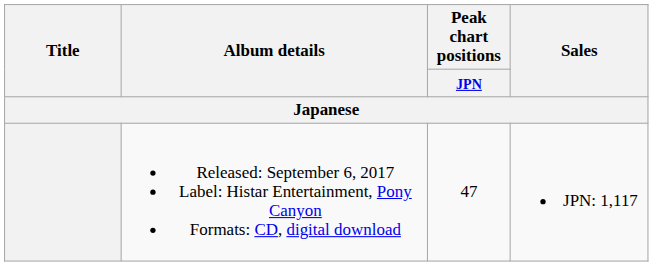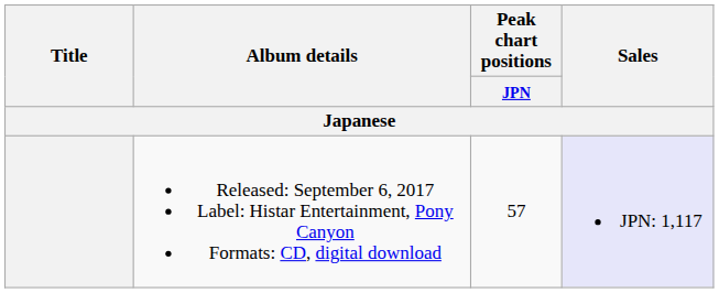 <table class="wikitable plainrowheaders" style="text-align:center;">
 <tr>
 <th scope="col" rowspan="2" style="width:10em;">Title</th>
 <th scope="col" rowspan="2" style="width:25em;">Album details</th>
 <th scope="col" colspan="1" style="width:5em;">Peak chart positions</th>
 <th scope="col" rowspan="2" style="width:10em;">Sales</th>
 </tr>
 <tr>
 <th><small><a href='#'>JPN</a></small><br></th>
 </tr>
 <tr>
 <th scope="col" colspan="5">Japanese</th>
 </tr>
 <tr>
 <th scope="row"></th>
 <td><br><ul><li>Released: September 6, 2017</li><li>Label: Histar Entertainment, <a href='#'>Pony Canyon</a></li><li>Formats: <a href='#'>CD</a>, <a href='#'>digital download</a></li></ul></td>
-<td>47</td>
-<td><br><ul><li>JPN: 1,117</li></ul></td>
+<td>57</td>
+<td style="background: lavender;"><br><ul><li>JPN: 1,117</li></ul></td>
 </tr>
 </table>
